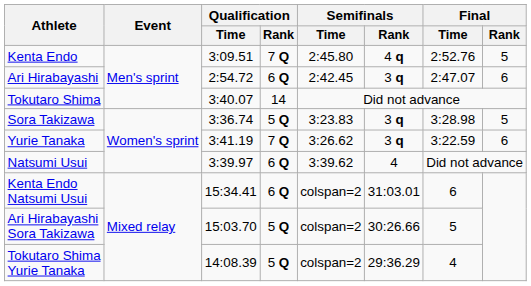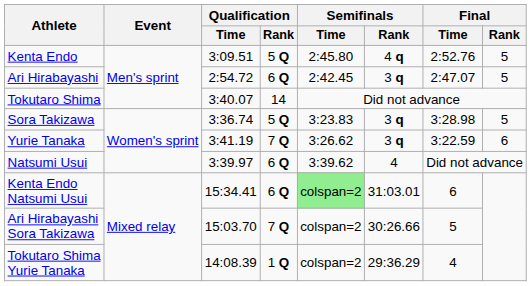 <table class="wikitable" style="font-size:90%">
 <tr>
 <th rowspan=2>Athlete</th>
 <th rowspan=2>Event</th>
 <th colspan=2>Qualification</th>
 <th colspan=2>Semifinals</th>
 <th colspan=2>Final</th>
 </tr>
 <tr style="font-size:95%">
 <th>Time</th>
 <th>Rank</th>
 <th>Time</th>
 <th>Rank</th>
 <th>Time</th>
 <th>Rank</th>
 </tr>
 <tr align=center>
 <td align=left><a href='#'>Kenta Endo</a></td>
 <td align=left rowspan=3><a href='#'>Men's sprint</a></td>
 <td>3:09.51</td>
-<td>7 <strong>Q</strong></td>
+<td>5 <strong>Q</strong></td>
 <td>2:45.80</td>
 <td>4 <strong>q</strong></td>
 <td>2:52.76</td>
 <td>5</td>
 </tr>
 <tr align=center>
 <td align=left><a href='#'>Ari Hirabayashi</a></td>
 <td>2:54.72</td>
 <td>6 <strong>Q</strong></td>
 <td>2:42.45</td>
 <td>3 <strong>q</strong></td>
 <td>2:47.07</td>
-<td>6</td>
+<td>5</td>
 </tr>
 <tr align=center>
 <td align=left><a href='#'>Tokutaro Shima</a></td>
 <td>3:40.07</td>
 <td>14</td>
 <td colspan=4>Did not advance</td>
 </tr>
 <tr align=center>
 <td align=left><a href='#'>Sora Takizawa</a></td>
 <td align=left rowspan=3><a href='#'>Women's sprint</a></td>
 <td>3:36.74</td>
 <td>5 <strong>Q</strong></td>
 <td>3:23.83</td>
 <td>3 <strong>q</strong></td>
 <td>3:28.98</td>
 <td>5</td>
 </tr>
 <tr align=center>
 <td align=left><a href='#'>Yurie Tanaka</a></td>
 <td>3:41.19</td>
 <td>7 <strong>Q</strong></td>
 <td>3:26.62</td>
 <td>3 <strong>q</strong></td>
 <td>3:22.59</td>
 <td>6</td>
 </tr>
 <tr align=center>
 <td align=left><a href='#'>Natsumi Usui</a></td>
 <td>3:39.97</td>
 <td>6 <strong>Q</strong></td>
 <td>3:39.62</td>
 <td>4</td>
 <td colspan=2>Did not advance</td>
 </tr>
 <tr align=center>
 <td align=left><a href='#'>Kenta Endo</a><br><a href='#'>Natsumi Usui</a></td>
 <td align=left rowspan=3><a href='#'>Mixed relay</a></td>
 <td>15:34.41</td>
 <td>6 <strong>Q</strong></td>
-<td>colspan=2 </td>
+<td style="background: lightgreen;">colspan=2 </td>
 <td>31:03.01</td>
 <td>6</td>
 </tr>
 <tr align=center>
 <td align=left><a href='#'>Ari Hirabayashi</a><br><a href='#'>Sora Takizawa</a></td>
 <td>15:03.70</td>
-<td>5 <strong>Q</strong></td>
+<td>7 <strong>Q</strong></td>
 <td>colspan=2 </td>
 <td>30:26.66</td>
 <td>5</td>
 </tr>
 <tr align=center>
 <td align=left><a href='#'>Tokutaro Shima</a><br><a href='#'>Yurie Tanaka</a></td>
 <td>14:08.39</td>
-<td>5 <strong>Q</strong></td>
+<td>1 <strong>Q</strong></td>
 <td>colspan=2 </td>
 <td>29:36.29</td>
 <td>4</td>
 </tr>
 </table>
